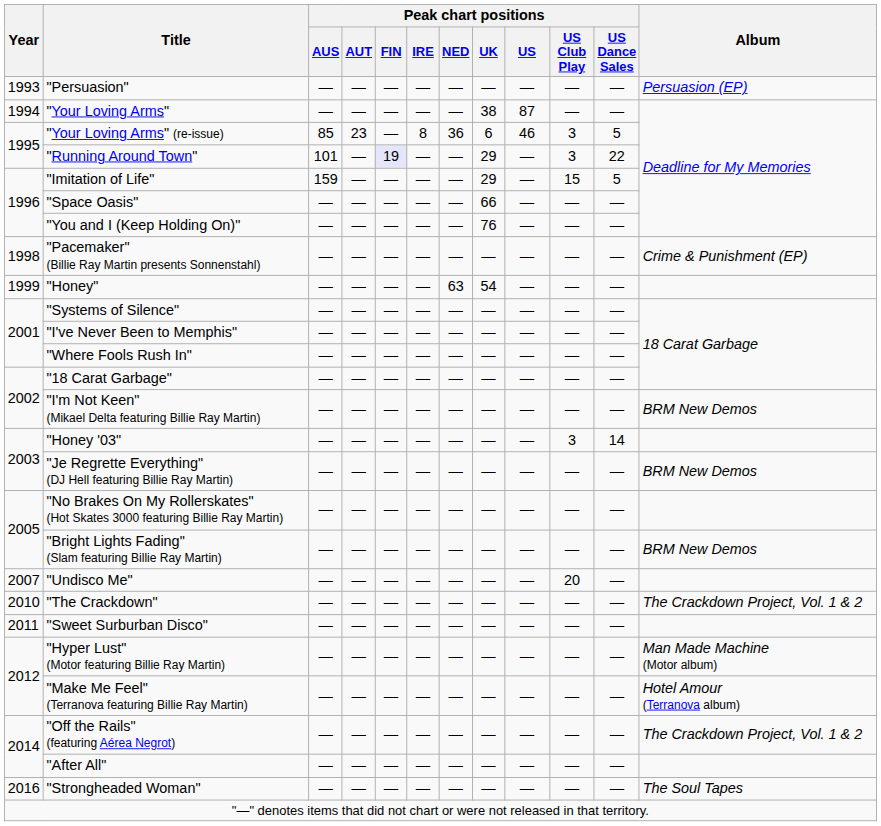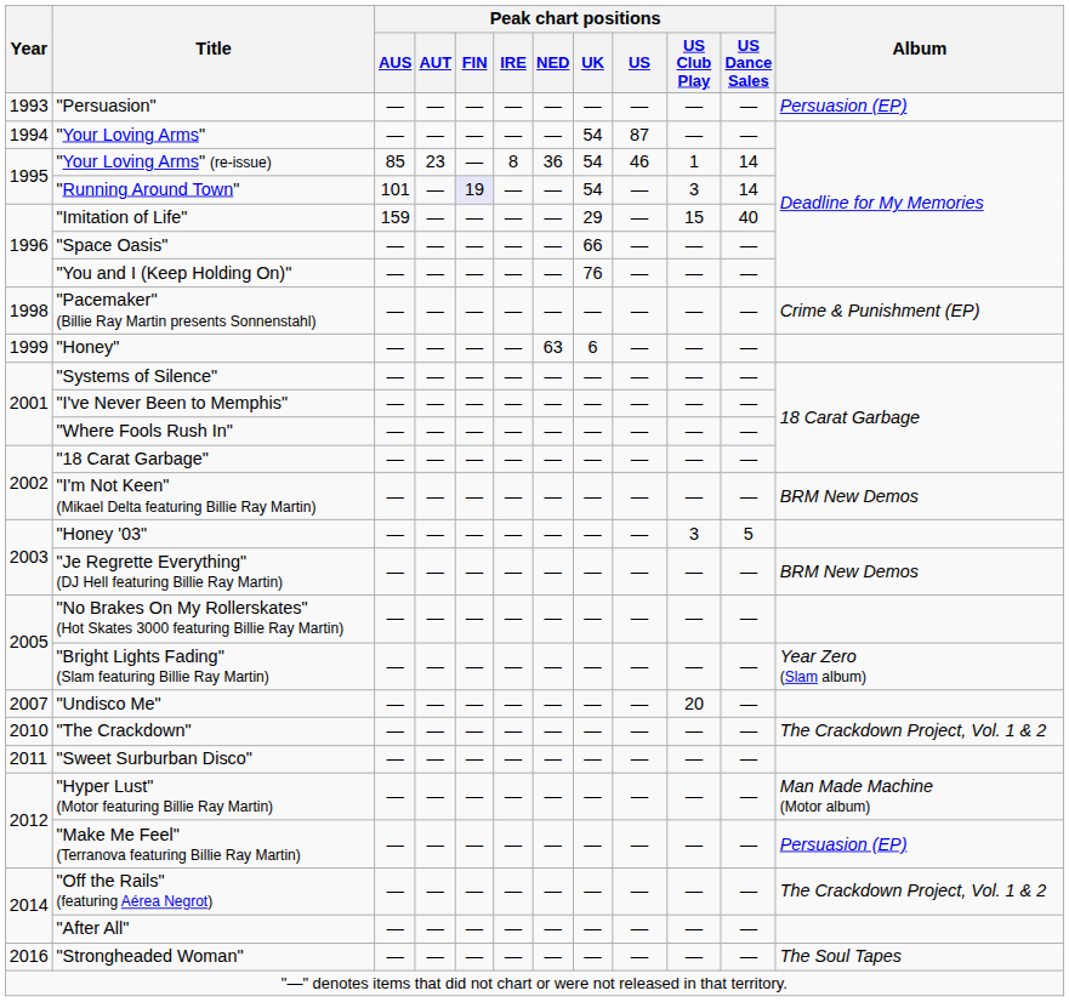 <table class="wikitable">
 <tr>
 <th rowspan="2" style="width:2em;">Year</th>
 <th rowspan="2" style="width:18em;">Title</th>
 <th colspan="9">Peak chart positions</th>
 <th rowspan="2" style="width:16em;">Album</th>
 </tr>
 <tr>
 <th style="width:2em;font-size:90%;"><a href='#'>AUS</a><br></th>
 <th style="width:2em;font-size:90%;"><a href='#'>AUT</a><br></th>
 <th style="width:2em;font-size:90%;"><a href='#'>FIN</a><br></th>
 <th style="width:2em;font-size:90%;"><a href='#'>IRE</a><br></th>
 <th style="width:2em;font-size:90%;"><a href='#'>NED</a><br></th>
 <th style="width:2em;font-size:90%;"><a href='#'>UK</a><br></th>
 <th style="width:3em;font-size:90%;"><a href='#'>US</a><br></th>
 <th style="width:3em;font-size:90%;"><a href='#'>US<br> Club<br> Play</a><br></th>
 <th style="width:3em;font-size:90%;"><a href='#'>US<br> Dance<br> Sales</a><br></th>
 </tr>
 <tr>
 <td>1993</td>
 <td>"Persuasion"</td>
 <td align="center">—</td>
 <td align="center">—</td>
 <td align="center">—</td>
 <td align="center">—</td>
 <td align="center">—</td>
 <td align="center">—</td>
 <td align="center">—</td>
 <td align="center">—</td>
 <td align="center">—</td>
 <td align="left"><em><a href='#'>Persuasion (EP)</a></em></td>
 </tr>
 <tr>
 <td>1994</td>
 <td>"<a href='#'>Your Loving Arms</a>"</td>
 <td align="center">—</td>
 <td align="center">—</td>
 <td align="center">—</td>
 <td align="center">—</td>
 <td align="center">—</td>
-<td align="center">38</td>
+<td align="center">54</td>
 <td align="center">87</td>
 <td align="center">—</td>
 <td align="center">—</td>
 <td align="left" rowspan="6"><em><a href='#'>Deadline for My Memories</a></em></td>
 </tr>
 <tr>
 <td rowspan="2">1995</td>
 <td>"<a href='#'>Your Loving Arms</a>" <small>(re-issue)</small></td>
 <td align="center">85</td>
 <td align="center">23</td>
 <td align="center">—</td>
 <td align="center">8</td>
 <td align="center">36</td>
-<td align="center">6</td>
+<td align="center">54</td>
 <td align="center">46</td>
-<td align="center">3</td>
-<td align="center">5</td>
+<td align="center">1</td>
+<td align="center">14</td>
 </tr>
 <tr>
 <td>"<a href='#'>Running Around Town</a>"</td>
 <td align="center">101</td>
 <td align="center">—</td>
 <td align="center" style="background: lavender;">19</td>
 <td align="center">—</td>
 <td align="center">—</td>
-<td align="center">29</td>
+<td align="center">54</td>
 <td align="center">—</td>
 <td align="center">3</td>
-<td align="center">22</td>
+<td align="center">14</td>
 </tr>
 <tr>
 <td rowspan="3">1996</td>
 <td>"Imitation of Life"</td>
 <td align="center">159</td>
 <td align="center">—</td>
 <td align="center">—</td>
 <td align="center">—</td>
 <td align="center">—</td>
 <td align="center">29</td>
 <td align="center">—</td>
 <td align="center">15</td>
-<td align="center">5</td>
+<td align="center">40</td>
 </tr>
 <tr>
 <td>"Space Oasis"</td>
 <td align="center">—</td>
 <td align="center">—</td>
 <td align="center">—</td>
 <td align="center">—</td>
 <td align="center">—</td>
 <td align="center">66</td>
 <td align="center">—</td>
 <td align="center">—</td>
 <td align="center">—</td>
 </tr>
 <tr>
 <td>"You and I (Keep Holding On)"</td>
 <td align="center">—</td>
 <td align="center">—</td>
 <td align="center">—</td>
 <td align="center">—</td>
 <td align="center">—</td>
 <td align="center">76</td>
 <td align="center">—</td>
 <td align="center">—</td>
 <td align="center">—</td>
 </tr>
 <tr>
 <td>1998</td>
 <td>"Pacemaker" <br><small>(Billie Ray Martin presents Sonnenstahl)</small></td>
 <td align="center">—</td>
 <td align="center">—</td>
 <td align="center">—</td>
 <td align="center">—</td>
 <td align="center">—</td>
 <td align="center">—</td>
 <td align="center">—</td>
 <td align="center">—</td>
 <td align="center">—</td>
 <td align="left"><em>Crime & Punishment (EP)</em></td>
 </tr>
 <tr>
 <td>1999</td>
 <td>"Honey"</td>
 <td align="center">—</td>
 <td align="center">—</td>
 <td align="center">—</td>
 <td align="center">—</td>
 <td align="center">63</td>
-<td align="center">54</td>
+<td align="center">6</td>
 <td align="center">—</td>
 <td align="center">—</td>
 <td align="center">—</td>
 <td></td>
 </tr>
 <tr>
 <td rowspan="3">2001</td>
 <td>"Systems of Silence"</td>
 <td align="center">—</td>
 <td align="center">—</td>
 <td align="center">—</td>
 <td align="center">—</td>
 <td align="center">—</td>
 <td align="center">—</td>
 <td align="center">—</td>
 <td align="center">—</td>
 <td align="center">—</td>
 <td align="left" rowspan="4"><em>18 Carat Garbage</em></td>
 </tr>
 <tr>
 <td>"I've Never Been to Memphis"</td>
 <td align="center">—</td>
 <td align="center">—</td>
 <td align="center">—</td>
 <td align="center">—</td>
 <td align="center">—</td>
 <td align="center">—</td>
 <td align="center">—</td>
 <td align="center">—</td>
 <td align="center">—</td>
 </tr>
 <tr>
 <td>"Where Fools Rush In"</td>
 <td align="center">—</td>
 <td align="center">—</td>
 <td align="center">—</td>
 <td align="center">—</td>
 <td align="center">—</td>
 <td align="center">—</td>
 <td align="center">—</td>
 <td align="center">—</td>
 <td align="center">—</td>
 </tr>
 <tr>
 <td rowspan="2">2002</td>
 <td>"18 Carat Garbage"</td>
 <td align="center">—</td>
 <td align="center">—</td>
 <td align="center">—</td>
 <td align="center">—</td>
 <td align="center">—</td>
 <td align="center">—</td>
 <td align="center">—</td>
 <td align="center">—</td>
 <td align="center">—</td>
 </tr>
 <tr>
 <td>"I'm Not Keen" <br><small>(Mikael Delta featuring Billie Ray Martin)</small></td>
 <td align="center">—</td>
 <td align="center">—</td>
 <td align="center">—</td>
 <td align="center">—</td>
 <td align="center">—</td>
 <td align="center">—</td>
 <td align="center">—</td>
 <td align="center">—</td>
 <td align="center">—</td>
 <td align="left"><em>BRM New Demos</em></td>
 </tr>
 <tr>
 <td rowspan="2">2003</td>
 <td>"Honey '03"</td>
 <td align="center">—</td>
 <td align="center">—</td>
 <td align="center">—</td>
 <td align="center">—</td>
 <td align="center">—</td>
 <td align="center">—</td>
 <td align="center">—</td>
 <td align="center">3</td>
-<td align="center">14</td>
+<td align="center">5</td>
 <td></td>
 </tr>
 <tr>
 <td>"Je Regrette Everything" <br><small>(DJ Hell featuring Billie Ray Martin)</small></td>
 <td align="center">—</td>
 <td align="center">—</td>
 <td align="center">—</td>
 <td align="center">—</td>
 <td align="center">—</td>
 <td align="center">—</td>
 <td align="center">—</td>
 <td align="center">—</td>
 <td align="center">—</td>
 <td align="left"><em>BRM New Demos</em></td>
 </tr>
 <tr>
 <td rowspan="2">2005</td>
 <td>"No Brakes On My Rollerskates" <br><small>(Hot Skates 3000 featuring Billie Ray Martin)</small></td>
 <td align="center">—</td>
 <td align="center">—</td>
 <td align="center">—</td>
 <td align="center">—</td>
 <td align="center">—</td>
 <td align="center">—</td>
 <td align="center">—</td>
 <td align="center">—</td>
 <td align="center">—</td>
 <td></td>
 </tr>
 <tr>
 <td>"Bright Lights Fading" <br><small>(Slam featuring Billie Ray Martin)</small></td>
 <td align="center">—</td>
 <td align="center">—</td>
 <td align="center">—</td>
 <td align="center">—</td>
 <td align="center">—</td>
 <td align="center">—</td>
 <td align="center">—</td>
 <td align="center">—</td>
 <td align="center">—</td>
-<td align="left"><em>BRM New Demos</em></td>
+<td align="left"><em>Year Zero</em><br><small>(<a href='#'>Slam</a> album)</small></td>
 </tr>
 <tr>
 <td>2007</td>
 <td>"Undisco Me"</td>
 <td align="center">—</td>
 <td align="center">—</td>
 <td align="center">—</td>
 <td align="center">—</td>
 <td align="center">—</td>
 <td align="center">—</td>
 <td align="center">—</td>
 <td align="center">20</td>
 <td align="center">—</td>
 <td></td>
 </tr>
 <tr>
 <td>2010</td>
 <td>"The Crackdown"</td>
 <td align="center">—</td>
 <td align="center">—</td>
 <td align="center">—</td>
 <td align="center">—</td>
 <td align="center">—</td>
 <td align="center">—</td>
 <td align="center">—</td>
 <td align="center">—</td>
 <td align="center">—</td>
 <td align="left"><em>The Crackdown Project, Vol. 1 & 2</em></td>
 </tr>
 <tr>
 <td>2011</td>
 <td>"Sweet Surburban Disco"</td>
 <td align="center">—</td>
 <td align="center">—</td>
 <td align="center">—</td>
 <td align="center">—</td>
 <td align="center">—</td>
 <td align="center">—</td>
 <td align="center">—</td>
 <td align="center">—</td>
 <td align="center">—</td>
 <td></td>
 </tr>
 <tr>
 <td rowspan="2">2012</td>
 <td>"Hyper Lust" <br><small>(Motor featuring Billie Ray Martin)</small></td>
 <td align="center">—</td>
 <td align="center">—</td>
 <td align="center">—</td>
 <td align="center">—</td>
 <td align="center">—</td>
 <td align="center">—</td>
 <td align="center">—</td>
 <td align="center">—</td>
 <td align="center">—</td>
 <td align="left"><em>Man Made Machine</em><br><small>(Motor album)</small></td>
 </tr>
 <tr>
 <td>"Make Me Feel" <br><small>(Terranova featuring Billie Ray Martin)</small></td>
 <td align="center">—</td>
 <td align="center">—</td>
 <td align="center">—</td>
 <td align="center">—</td>
 <td align="center">—</td>
 <td align="center">—</td>
 <td align="center">—</td>
 <td align="center">—</td>
 <td align="center">—</td>
-<td align="left"><em>Hotel Amour</em><br><small>(<a href='#'>Terranova</a> album)</small></td>
+<td align="left"><em><a href='#'>Persuasion (EP)</a></em></td>
 </tr>
 <tr>
 <td rowspan="2">2014</td>
 <td>"Off the Rails" <br><small>(featuring <a href='#'>Aérea Negrot</a>)</small></td>
 <td align="center">—</td>
 <td align="center">—</td>
 <td align="center">—</td>
 <td align="center">—</td>
 <td align="center">—</td>
 <td align="center">—</td>
 <td align="center">—</td>
 <td align="center">—</td>
 <td align="center">—</td>
 <td align="left"><em>The Crackdown Project, Vol. 1 & 2</em></td>
 </tr>
 <tr>
 <td>"After All"</td>
 <td align="center">—</td>
 <td align="center">—</td>
 <td align="center">—</td>
 <td align="center">—</td>
 <td align="center">—</td>
 <td align="center">—</td>
 <td align="center">—</td>
 <td align="center">—</td>
 <td align="center">—</td>
 </tr>
 <tr>
 <td>2016</td>
 <td>"Strongheaded Woman"</td>
 <td align="center">—</td>
 <td align="center">—</td>
 <td align="center">—</td>
 <td align="center">—</td>
 <td align="center">—</td>
 <td align="center">—</td>
 <td align="center">—</td>
 <td align="center">—</td>
 <td align="center">—</td>
 <td align="left"><em>The Soul Tapes</em></td>
 </tr>
 <tr>
 <td align="center" colspan="15" style="font-size:90%">"—" denotes items that did not chart or were not released in that territory.</td>
 </tr>
 </table>
